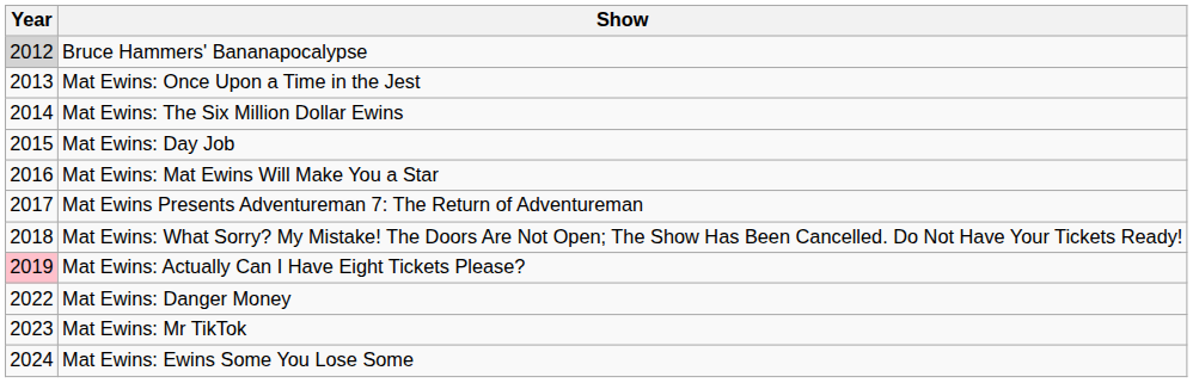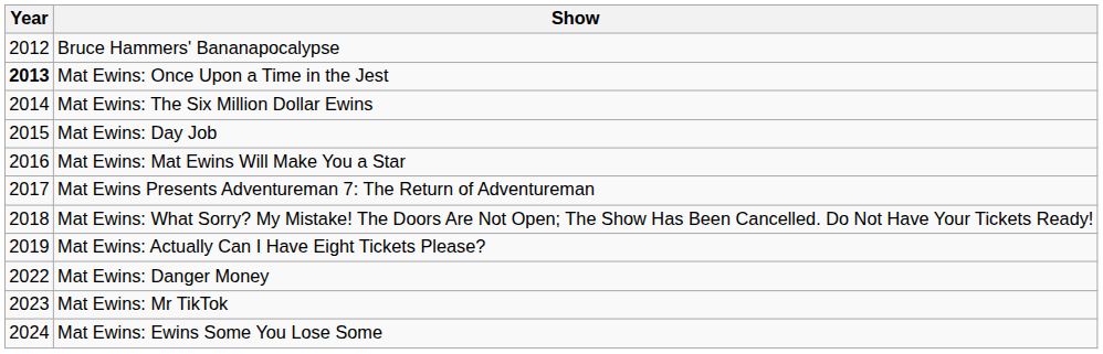 <table class="wikitable">
 <tr>
 <th>Year</th>
 <th>Show</th>
 </tr>
 <tr>
-<td style="background: lightgrey;">2012</td>
+<td>2012</td>
 <td>Bruce Hammers' Bananapocalypse</td>
 </tr>
 <tr>
-<td>2013</td>
+<td><strong>2013</strong></td>
 <td>Mat Ewins: Once Upon a Time in the Jest</td>
 </tr>
 <tr>
 <td>2014</td>
 <td>Mat Ewins: The Six Million Dollar Ewins</td>
 </tr>
 <tr>
 <td>2015</td>
 <td>Mat Ewins: Day Job</td>
 </tr>
 <tr>
 <td>2016</td>
 <td>Mat Ewins: Mat Ewins Will Make You a Star</td>
 </tr>
 <tr>
 <td>2017</td>
 <td>Mat Ewins Presents Adventureman 7: The Return of Adventureman</td>
 </tr>
 <tr>
 <td>2018</td>
 <td>Mat Ewins: What Sorry? My Mistake! The Doors Are Not Open; The Show Has Been Cancelled. Do Not Have Your Tickets Ready!</td>
 </tr>
 <tr>
-<td style="background: pink;">2019</td>
+<td>2019</td>
 <td>Mat Ewins: Actually Can I Have Eight Tickets Please?</td>
 </tr>
 <tr>
 <td>2022</td>
 <td>Mat Ewins: Danger Money</td>
 </tr>
 <tr>
 <td>2023</td>
 <td>Mat Ewins: Mr TikTok</td>
 </tr>
 <tr>
 <td>2024</td>
 <td>Mat Ewins: Ewins Some You Lose Some</td>
 </tr>
 </table>
